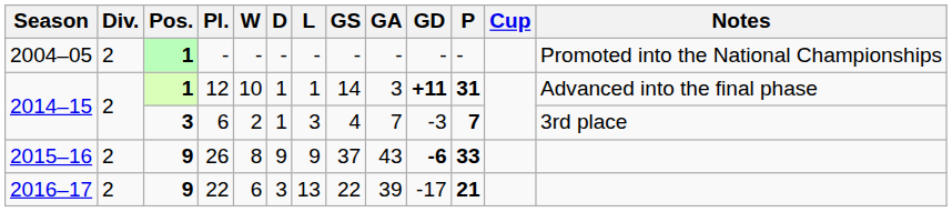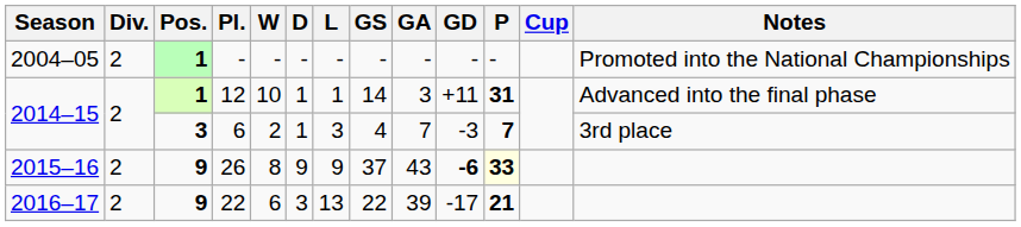 <table class="wikitable">
 <tr style="background:#efefef;">
 <th>Season</th>
 <th>Div.</th>
 <th>Pos.</th>
 <th>Pl.</th>
 <th>W</th>
 <th>D</th>
 <th>L</th>
 <th>GS</th>
 <th>GA</th>
 <th>GD</th>
 <th>P</th>
 <th><a href='#'>Cup</a></th>
 <th>Notes</th>
 </tr>
 <tr>
 <td>2004–05</td>
 <td>2</td>
 <td align=right bgcolor=#B9FFB9><strong>1</strong></td>
 <td align=right>-</td>
 <td align=right>-</td>
 <td align=right>-</td>
 <td align=right>-</td>
 <td align=right>-</td>
 <td align=right>-</td>
 <td align=right>-</td>
 <td align-right>-</td>
 <td></td>
 <td>Promoted into the National Championships</td>
 </tr>
 <tr>
 <td rowspan="2"><a href='#'>2014–15</a></td>
 <td rowspan="2">2</td>
 <td align=right bgcolor=#D9FFB9><strong>1</strong></td>
 <td align=right>12</td>
 <td align=right>10</td>
 <td align=right>1</td>
 <td align=right>1</td>
 <td align=right>14</td>
 <td align=right>3</td>
-<td align=right><strong>+11</strong></td>
+<td align=right>+11</td>
 <td align=right><strong>31</strong></td>
 <td rowspan="2"></td>
 <td>Advanced into the final phase</td>
 </tr>
 <tr>
 <td align=right><strong>3</strong></td>
 <td align=right>6</td>
 <td align=right>2</td>
 <td align=right>1</td>
 <td align=right>3</td>
 <td align=right>4</td>
 <td align=right>7</td>
 <td align=right>-3</td>
 <td align=right><strong>7</strong></td>
 <td>3rd place</td>
 </tr>
 <tr>
 <td><a href='#'>2015–16</a></td>
 <td>2</td>
 <td align=right><strong>9</strong></td>
 <td align=right>26</td>
 <td align=right>8</td>
 <td align=right>9</td>
 <td align=right>9</td>
 <td align=right>37</td>
 <td align=right>43</td>
 <td align=right><strong>-6</strong></td>
-<td align=right><strong>33</strong></td>
+<td align=right style="background: lightyellow;"><strong>33</strong></td>
 <td></td>
 <td></td>
 </tr>
 <tr>
 <td><a href='#'>2016–17</a></td>
 <td>2</td>
 <td align=right><strong>9</strong></td>
 <td align=right>22</td>
 <td align=right>6</td>
 <td align=right>3</td>
 <td align=right>13</td>
 <td align=right>22</td>
 <td align=right>39</td>
 <td align=right>-17</td>
 <td align=right><strong>21</strong></td>
 <td></td>
 <td></td>
 </tr>
 </table>
